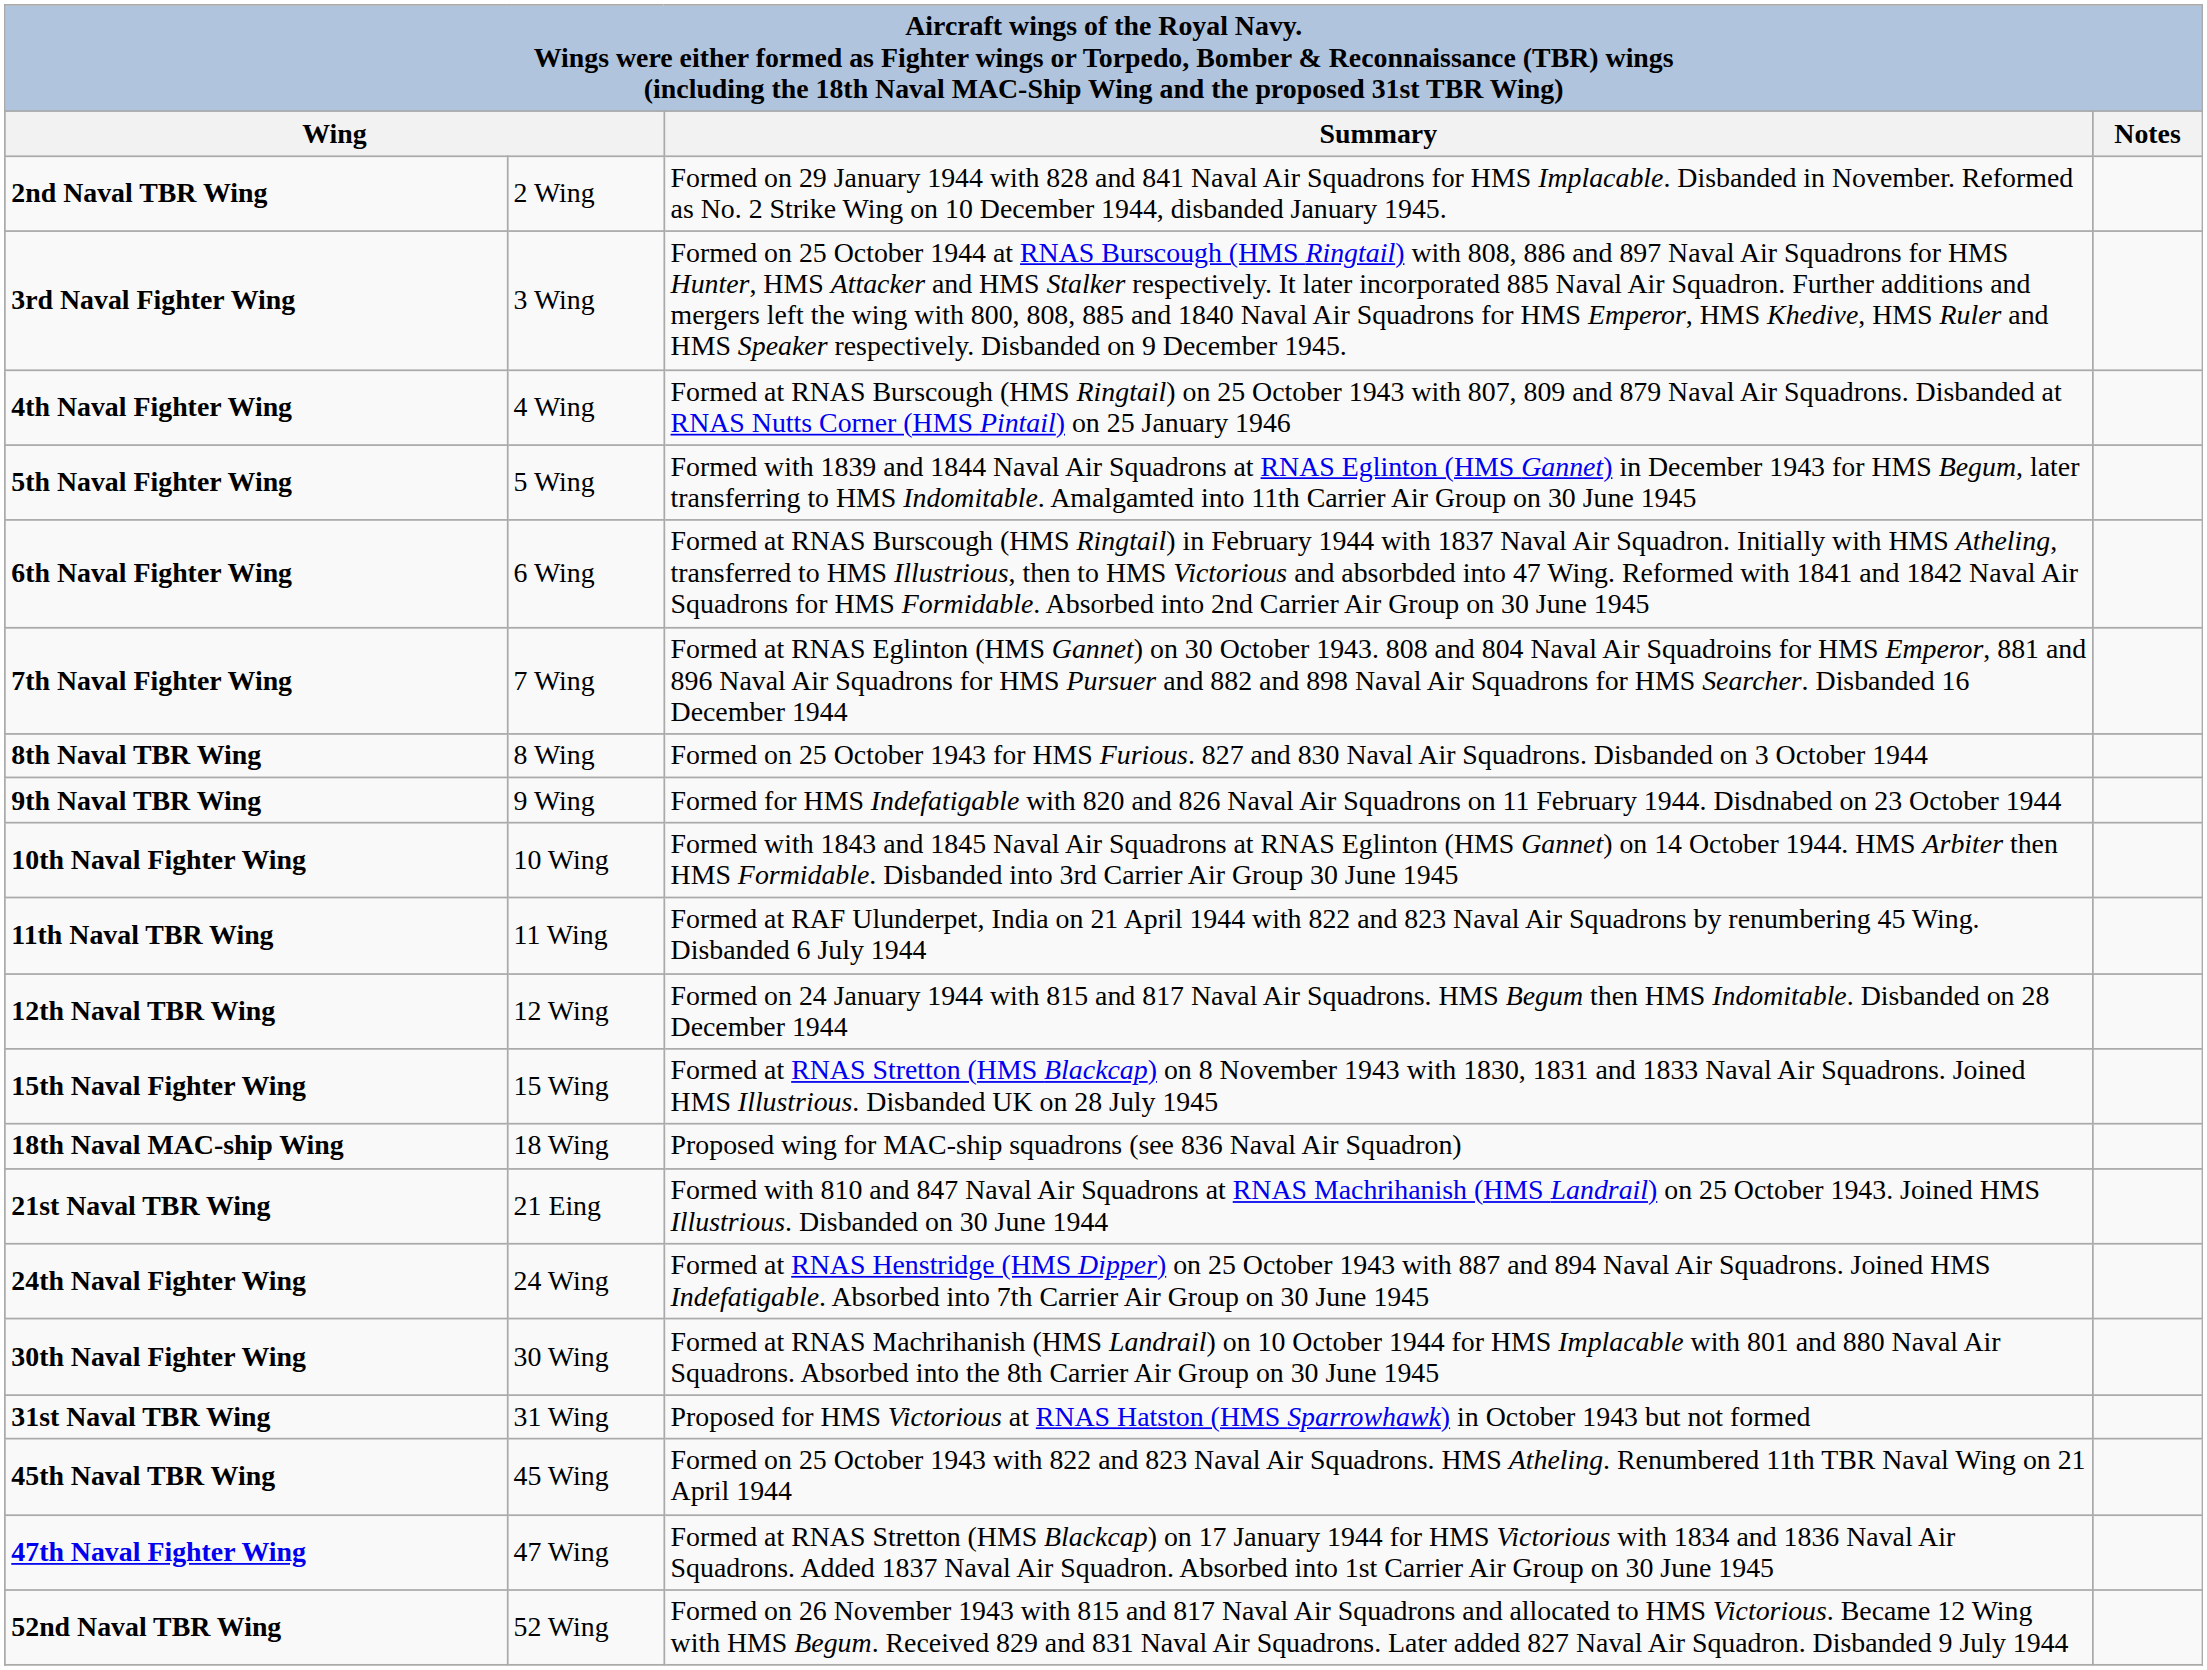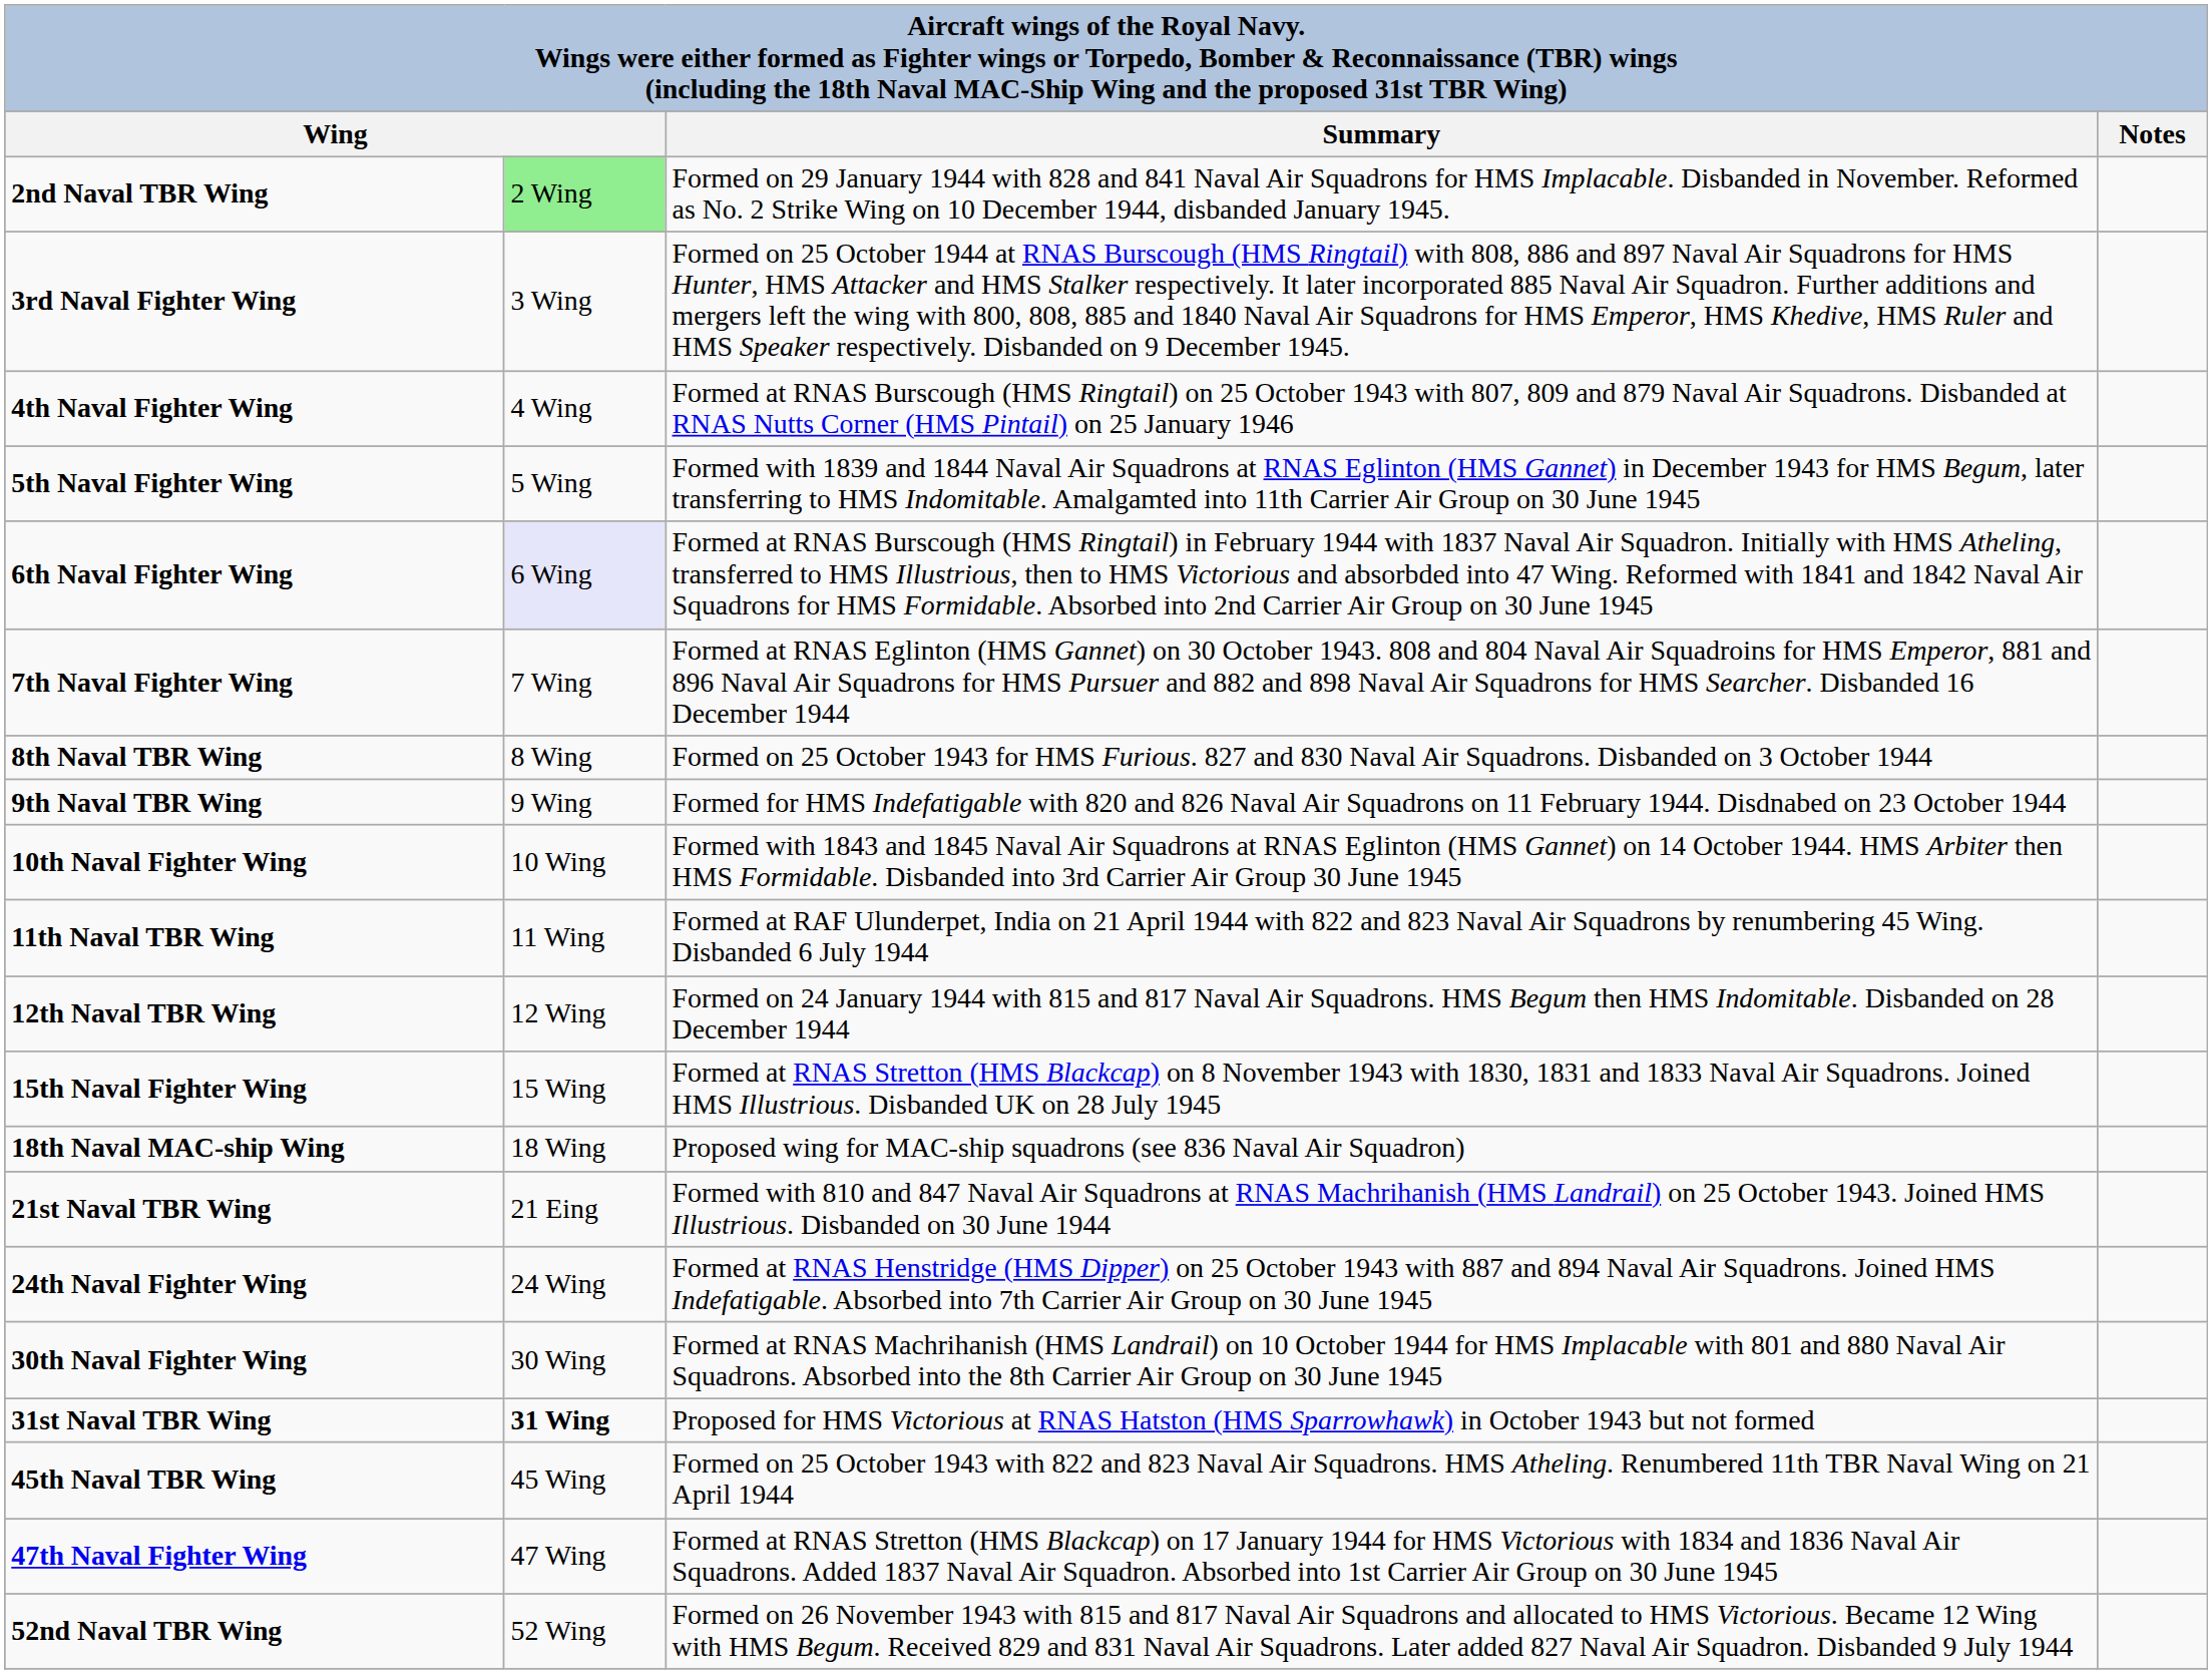 <table class="wikitable" style="margin:auto; width:100%;">
 <tr>
 <th style="align: center; background:#B0C4DE;" colspan=5>Aircraft wings of the Royal Navy.<br>Wings were either formed as Fighter wings or Torpedo, Bomber & Reconnaissance (TBR) wings<br>(including the 18th Naval MAC-Ship Wing and the proposed 31st TBR Wing)</th>
 </tr>
 <tr>
 <th style="text-align:center; width:30%;" colspan=2>Wing</th>
 <th style="text-align:center; width:65%;">Summary</th>
 <th style="text-align:center; width:5%;">Notes</th>
 </tr>
 <tr>
 <td style="text-align:centre;"><strong>2nd Naval TBR Wing</strong></td>
-<td>2 Wing</td>
+<td style="background: lightgreen;">2 Wing</td>
 <td align=left>Formed on 29 January 1944 with 828 and 841 Naval Air Squadrons for HMS <em>Implacable</em>. Disbanded in November. Reformed as No. 2 Strike Wing on 10 December 1944, disbanded January 1945.</td>
 <td></td>
 </tr>
 <tr>
 <td style="text-align:centre;"><strong>3rd Naval Fighter Wing</strong></td>
 <td>3 Wing</td>
 <td align=left>Formed on 25 October 1944 at <a href='#'>RNAS Burscough (HMS <em>Ringtail</em>)</a> with 808, 886 and 897 Naval Air Squadrons for HMS <em>Hunter</em>, HMS <em>Attacker</em> and HMS <em>Stalker</em> respectively. It later incorporated 885 Naval Air Squadron. Further additions and mergers left the wing with 800, 808, 885 and 1840 Naval Air Squadrons for HMS <em>Emperor</em>, HMS <em>Khedive</em>, HMS <em>Ruler</em> and HMS <em>Speaker</em> respectively. Disbanded on 9 December 1945.</td>
 <td></td>
 </tr>
 <tr>
 <td style="text-align:centre;"><strong>4th Naval Fighter Wing</strong></td>
 <td>4 Wing</td>
 <td>Formed at RNAS Burscough (HMS <em>Ringtail</em>) on 25 October 1943 with 807, 809 and 879 Naval Air Squadrons. Disbanded at <a href='#'>RNAS Nutts Corner (HMS <em>Pintail</em>)</a> on 25 January 1946</td>
 <td></td>
 </tr>
 <tr>
 <td style="text-align:centre;"><strong>5th Naval Fighter Wing</strong></td>
 <td>5 Wing</td>
 <td>Formed with 1839 and 1844 Naval Air Squadrons at <a href='#'>RNAS Eglinton (HMS <em>Gannet</em>)</a> in December 1943 for HMS <em>Begum</em>, later transferring to HMS <em>Indomitable</em>. Amalgamted into 11th Carrier Air Group on 30 June 1945</td>
 <td></td>
 </tr>
 <tr>
 <td style="text-align:centre;"><strong>6th Naval Fighter Wing</strong></td>
-<td>6 Wing</td>
+<td style="background: lavender;">6 Wing</td>
 <td>Formed at RNAS Burscough (HMS <em>Ringtail</em>)  in February 1944 with 1837 Naval Air Squadron. Initially with HMS <em>Atheling</em>, transferred to HMS <em>Illustrious</em>, then to HMS <em>Victorious</em> and absorbded into 47 Wing. Reformed with 1841 and 1842 Naval Air Squadrons for HMS <em>Formidable</em>. Absorbed into 2nd Carrier Air Group on 30 June 1945</td>
 <td></td>
 </tr>
 <tr>
 <td style="text-align:centre;"><strong>7th Naval Fighter Wing</strong></td>
 <td>7 Wing</td>
 <td>Formed at RNAS Eglinton (HMS <em>Gannet</em>) on 30 October 1943. 808 and 804 Naval Air Squadroins for HMS <em>Emperor</em>, 881 and 896 Naval Air Squadrons for HMS <em> Pursuer</em> and 882 and 898 Naval Air Squadrons for HMS <em>Searcher</em>. Disbanded 16 December 1944</td>
 <td></td>
 </tr>
 <tr>
 <td style="text-align:centre;"><strong>8th Naval TBR Wing</strong></td>
 <td>8 Wing</td>
 <td>Formed on 25 October 1943 for HMS <em>Furious</em>. 827 and 830 Naval Air Squadrons. Disbanded on 3 October 1944</td>
 <td></td>
 </tr>
 <tr>
 <td style="text-align:centre;"><strong>9th Naval TBR Wing</strong></td>
 <td>9 Wing</td>
 <td>Formed for HMS <em>Indefatigable</em> with 820 and 826 Naval Air Squadrons on 11 February 1944. Disdnabed on 23 October 1944</td>
 <td></td>
 </tr>
 <tr>
 <td style="text-align:centre;"><strong>10th Naval Fighter Wing</strong></td>
 <td>10 Wing</td>
 <td>Formed with 1843 and 1845 Naval Air Squadrons  at RNAS Eglinton (HMS <em>Gannet</em>) on 14 October 1944. HMS <em>Arbiter</em> then HMS <em>Formidable</em>. Disbanded into 3rd Carrier Air Group 30 June 1945</td>
 <td></td>
 </tr>
 <tr>
 <td style="text-align:centre;"><strong>11th Naval TBR Wing</strong></td>
 <td>11 Wing</td>
 <td>Formed at RAF Ulunderpet, India on 21 April 1944 with 822 and 823 Naval Air Squadrons by renumbering 45 Wing. Disbanded 6 July 1944</td>
 <td></td>
 </tr>
 <tr>
 <td style="text-align:centre;"><strong>12th Naval TBR Wing</strong></td>
 <td>12 Wing</td>
 <td>Formed on 24 January 1944 with 815 and 817 Naval Air Squadrons. HMS <em>Begum</em> then HMS <em>Indomitable</em>. Disbanded on 28 December 1944</td>
 <td></td>
 </tr>
 <tr>
 <td style="text-align:centre;"><strong>15th Naval Fighter Wing</strong></td>
 <td>15 Wing</td>
 <td>Formed at <a href='#'>RNAS Stretton (HMS <em>Blackcap</em>)</a> on 8 November 1943 with 1830, 1831 and 1833 Naval Air Squadrons. Joined HMS <em>Illustrious</em>. Disbanded UK on 28 July 1945</td>
 <td></td>
 </tr>
 <tr>
 <td style="text-align:centre;"><strong>18th Naval MAC-ship Wing</strong></td>
 <td>18 Wing</td>
 <td>Proposed wing for MAC-ship squadrons (see 836 Naval Air Squadron)</td>
 <td></td>
 </tr>
 <tr>
 <td style="text-align:centre;"><strong>21st Naval TBR Wing</strong></td>
 <td>21 Eing</td>
 <td>Formed with 810  and 847 Naval Air Squadrons at <a href='#'>RNAS Machrihanish (HMS <em>Landrail</em>)</a> on 25 October 1943. Joined HMS <em>Illustrious</em>. Disbanded on 30 June 1944</td>
 <td></td>
 </tr>
 <tr>
 <td style="text-align:centre;"><strong>24th Naval Fighter Wing</strong></td>
 <td>24 Wing</td>
 <td>Formed at <a href='#'>RNAS Henstridge (HMS <em>Dipper</em>)</a> on 25 October 1943 with 887 and 894 Naval Air Squadrons. Joined HMS <em>Indefatigable</em>. Absorbed into 7th Carrier Air Group on 30 June 1945</td>
 <td></td>
 </tr>
 <tr>
 <td style="text-align:centre;"><strong>30th Naval Fighter Wing</strong></td>
 <td>30 Wing</td>
 <td>Formed at RNAS Machrihanish (HMS <em>Landrail</em>) on 10 October 1944 for HMS <em>Implacable</em> with 801 and 880 Naval Air Squadrons. Absorbed into the 8th Carrier Air Group on 30 June 1945</td>
 <td></td>
 </tr>
 <tr>
 <td style="text-align:centre;"><strong>31st Naval TBR Wing</strong></td>
-<td>31 Wing</td>
+<td><strong>31 Wing</strong></td>
 <td>Proposed for HMS <em>Victorious</em> at <a href='#'>RNAS Hatston (HMS <em>Sparrowhawk</em>)</a> in October 1943 but not formed</td>
 <td></td>
 </tr>
 <tr>
 <td style="text-align:centre;"><strong>45th Naval TBR Wing</strong></td>
 <td>45 Wing</td>
 <td>Formed on 25 October 1943 with 822 and 823 Naval Air Squadrons. HMS <em>Atheling</em>. Renumbered 11th TBR Naval Wing on 21 April 1944</td>
 <td></td>
 </tr>
 <tr>
 <td style="text-align:centre;"><strong><a href='#'>47th Naval Fighter Wing</a></strong></td>
 <td>47 Wing</td>
 <td>Formed at RNAS Stretton (HMS <em>Blackcap</em>) on 17 January 1944 for HMS <em>Victorious</em> with 1834 and 1836 Naval Air Squadrons. Added 1837 Naval Air Squadron. Absorbed into 1st Carrier Air Group on 30 June 1945</td>
 <td></td>
 </tr>
 <tr>
 <td style="text-align:centre;"><strong>52nd Naval TBR Wing</strong></td>
 <td>52 Wing</td>
 <td>Formed on 26 November 1943 with 815  and 817 Naval Air Squadrons and allocated to HMS <em>Victorious</em>. Became 12 Wing with HMS <em>Begum</em>. Received 829 and 831 Naval Air Squadrons. Later added 827 Naval Air Squadron. Disbanded 9 July 1944</td>
 <td></td>
 </tr>
 </table>
